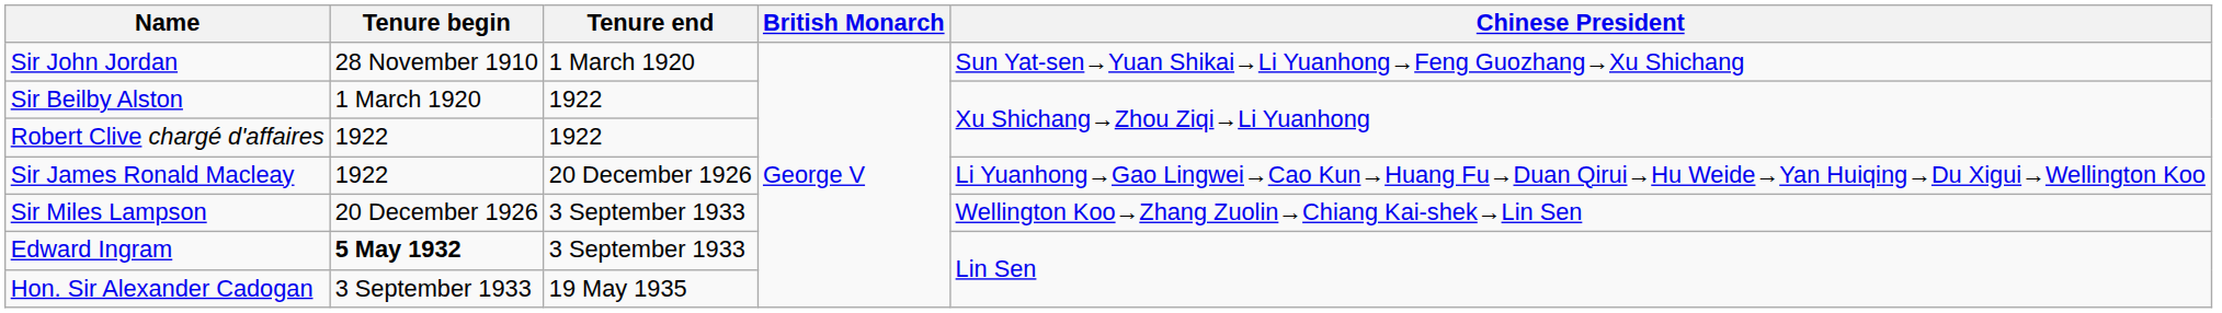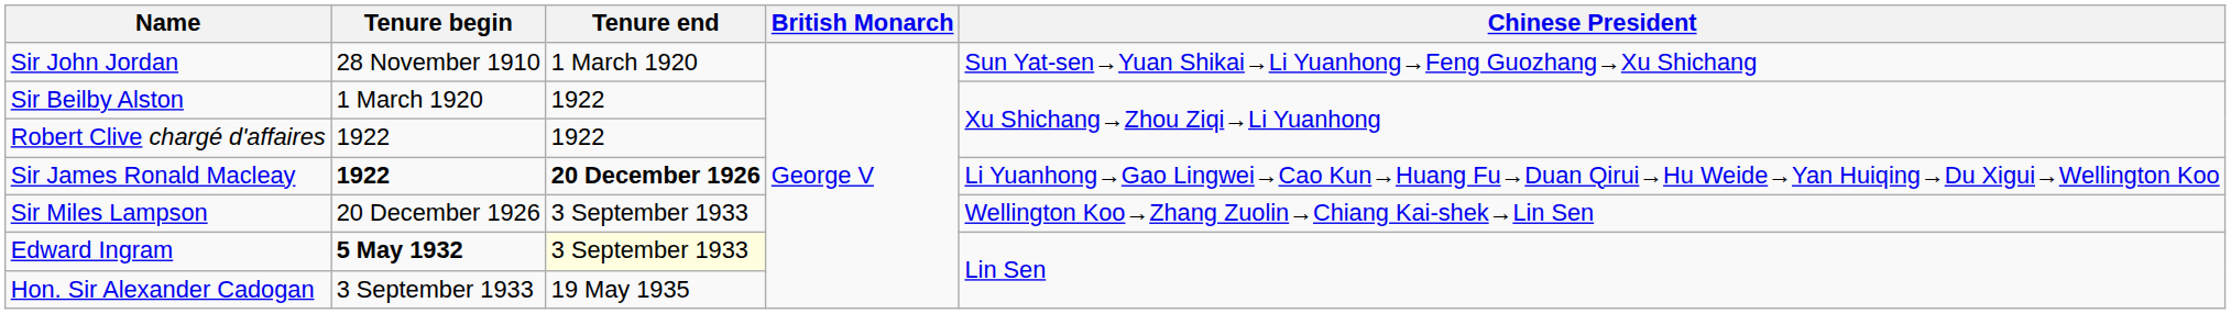 <table class="wikitable">
 <tr>
 <th>Name</th>
 <th>Tenure begin</th>
 <th>Tenure end</th>
 <th><a href='#'>British Monarch</a></th>
 <th><a href='#'>Chinese President</a></th>
 </tr>
 <tr>
 <td><a href='#'>Sir John Jordan</a></td>
 <td>28 November 1910</td>
 <td>1 March 1920</td>
 <td rowspan="7"><a href='#'>George V</a></td>
 <td><a href='#'>Sun Yat-sen</a>→<a href='#'>Yuan Shikai</a>→<a href='#'>Li Yuanhong</a>→<a href='#'>Feng Guozhang</a>→<a href='#'>Xu Shichang</a></td>
 </tr>
 <tr>
 <td><a href='#'>Sir Beilby Alston</a></td>
 <td>1 March 1920</td>
 <td>1922</td>
 <td rowspan="2"><a href='#'>Xu Shichang</a>→<a href='#'>Zhou Ziqi</a>→<a href='#'>Li Yuanhong</a></td>
 </tr>
 <tr>
 <td><a href='#'>Robert Clive</a> <em>chargé d'affaires</em></td>
 <td>1922</td>
 <td>1922</td>
 </tr>
 <tr>
 <td><a href='#'>Sir James Ronald Macleay</a></td>
-<td>1922</td>
-<td>20 December 1926</td>
+<td><strong>1922</strong></td>
+<td><strong>20 December 1926</strong></td>
 <td><a href='#'>Li Yuanhong</a>→<a href='#'>Gao Lingwei</a>→<a href='#'>Cao Kun</a>→<a href='#'>Huang Fu</a>→<a href='#'>Duan Qirui</a>→<a href='#'>Hu Weide</a>→<a href='#'>Yan Huiqing</a>→<a href='#'>Du Xigui</a>→<a href='#'>Wellington Koo</a></td>
 </tr>
 <tr>
 <td><a href='#'>Sir Miles Lampson</a></td>
 <td>20 December 1926</td>
 <td>3 September 1933</td>
 <td><a href='#'>Wellington Koo</a>→<a href='#'>Zhang Zuolin</a>→<a href='#'>Chiang Kai-shek</a>→<a href='#'>Lin Sen</a></td>
 </tr>
 <tr>
 <td><a href='#'>Edward Ingram</a></td>
 <td><strong>5 May 1932</strong></td>
-<td>3 September 1933</td>
+<td style="background: lightyellow;">3 September 1933</td>
 <td rowspan="2"><a href='#'>Lin Sen</a></td>
 </tr>
 <tr>
 <td><a href='#'>Hon. Sir Alexander Cadogan</a></td>
 <td>3 September 1933</td>
 <td>19 May 1935</td>
 </tr>
 </table>
